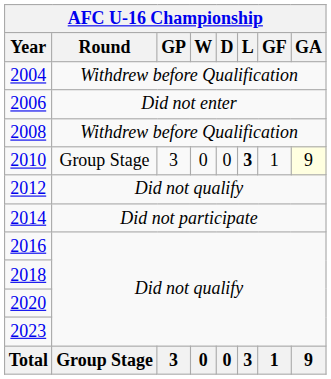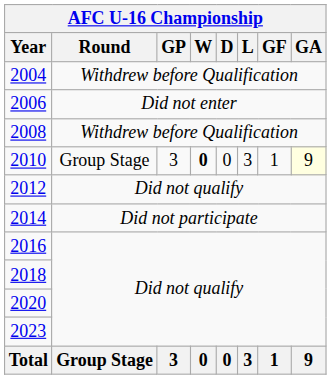 <table class="wikitable" style="text-align: center;">
 <tr>
 <th colspan=8><a href='#'>AFC U-16 Championship</a></th>
 </tr>
 <tr>
 <th>Year</th>
 <th>Round</th>
 <th>GP</th>
 <th>W</th>
 <th>D</th>
 <th>L</th>
 <th>GF</th>
 <th>GA</th>
 </tr>
 <tr>
 <td> <a href='#'>2004</a></td>
 <td colspan="8"><em>Withdrew before Qualification</em></td>
 </tr>
 <tr>
 <td> <a href='#'>2006</a></td>
 <td colspan="8"><em>Did not enter</em></td>
 </tr>
 <tr>
 <td> <a href='#'>2008</a></td>
 <td colspan="8"><em>Withdrew before Qualification</em></td>
 </tr>
 <tr>
 <td> <a href='#'>2010</a></td>
 <td>Group Stage</td>
 <td>3</td>
+<td><strong>0</strong></td>
 <td>0</td>
-<td>0</td>
-<td><strong>3</strong></td>
+<td>3</td>
 <td>1</td>
 <td style="background: lightyellow;">9</td>
 </tr>
 <tr>
 <td> <a href='#'>2012</a></td>
 <td colspan=7><em>Did not qualify</em></td>
 </tr>
 <tr>
 <td> <a href='#'>2014</a></td>
 <td colspan="8"><em>Did not participate</em></td>
 </tr>
 <tr>
 <td> <a href='#'>2016</a></td>
 <td rowspan=4 colspan=7><em>Did not qualify</em></td>
 </tr>
 <tr>
 <td> <a href='#'>2018</a></td>
 </tr>
 <tr>
 <td> <a href='#'>2020</a></td>
 </tr>
 <tr>
 <td> <a href='#'>2023</a></td>
 </tr>
 <tr>
 <th><strong>Total</strong></th>
 <th><strong>Group Stage </strong></th>
 <th>3</th>
 <th>0</th>
 <th>0</th>
 <th>3</th>
 <th>1</th>
 <th>9</th>
 </tr>
 </table>
